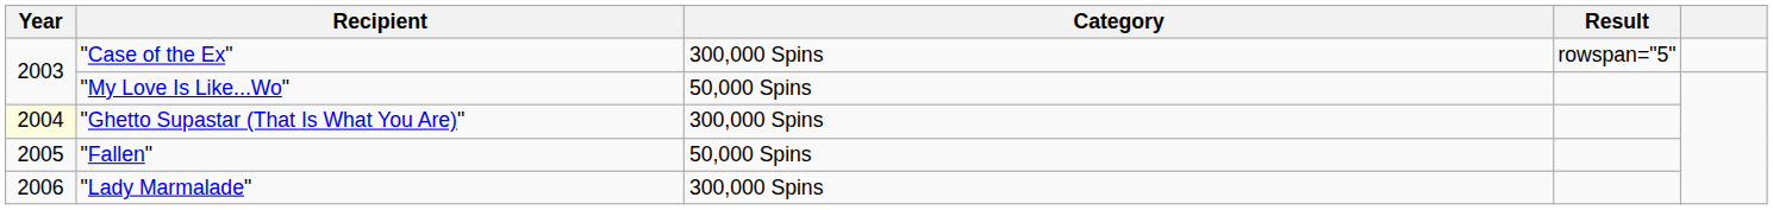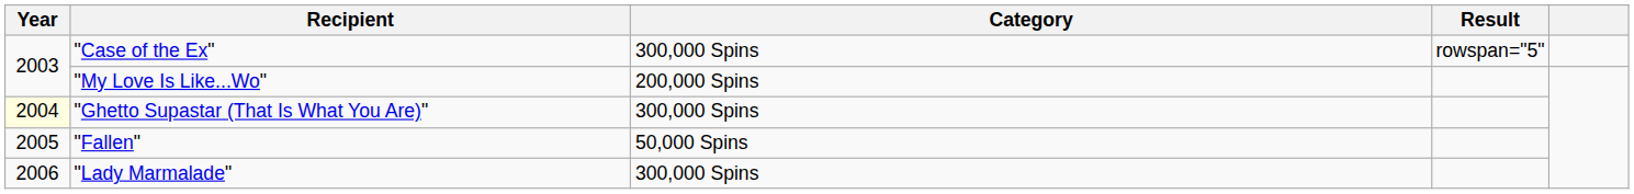 <table class="wikitable plainrowheaders" style="width:85%;">
 <tr>
 <th scope="col" style="width:4%;">Year</th>
 <th scope="col" style="width:35%;">Recipient</th>
 <th scope="col" style="width:50%;">Category</th>
 <th scope="col" style="width:6%;">Result</th>
 <th scope="col" style="width:6%;"></th>
 </tr>
 <tr>
 <td align="center" rowspan="2">2003</td>
 <td>"<a href='#'>Case of the Ex</a>"</td>
 <td>300,000 Spins</td>
 <td>rowspan="5" </td>
 <td></td>
 </tr>
 <tr>
 <td>"<a href='#'>My Love Is Like...Wo</a>"</td>
-<td>50,000 Spins</td>
+<td>200,000 Spins</td>
 <td></td>
 </tr>
 <tr>
 <td align="center" style="background: lightyellow;">2004</td>
 <td>"<a href='#'>Ghetto Supastar (That Is What You Are)</a>"</td>
 <td>300,000 Spins</td>
 <td></td>
 </tr>
 <tr>
 <td align="center">2005</td>
 <td>"<a href='#'>Fallen</a>"</td>
 <td>50,000 Spins</td>
 <td></td>
 </tr>
 <tr>
 <td align="center">2006</td>
 <td>"<a href='#'>Lady Marmalade</a>"</td>
 <td>300,000 Spins</td>
 <td></td>
 </tr>
 </table>
